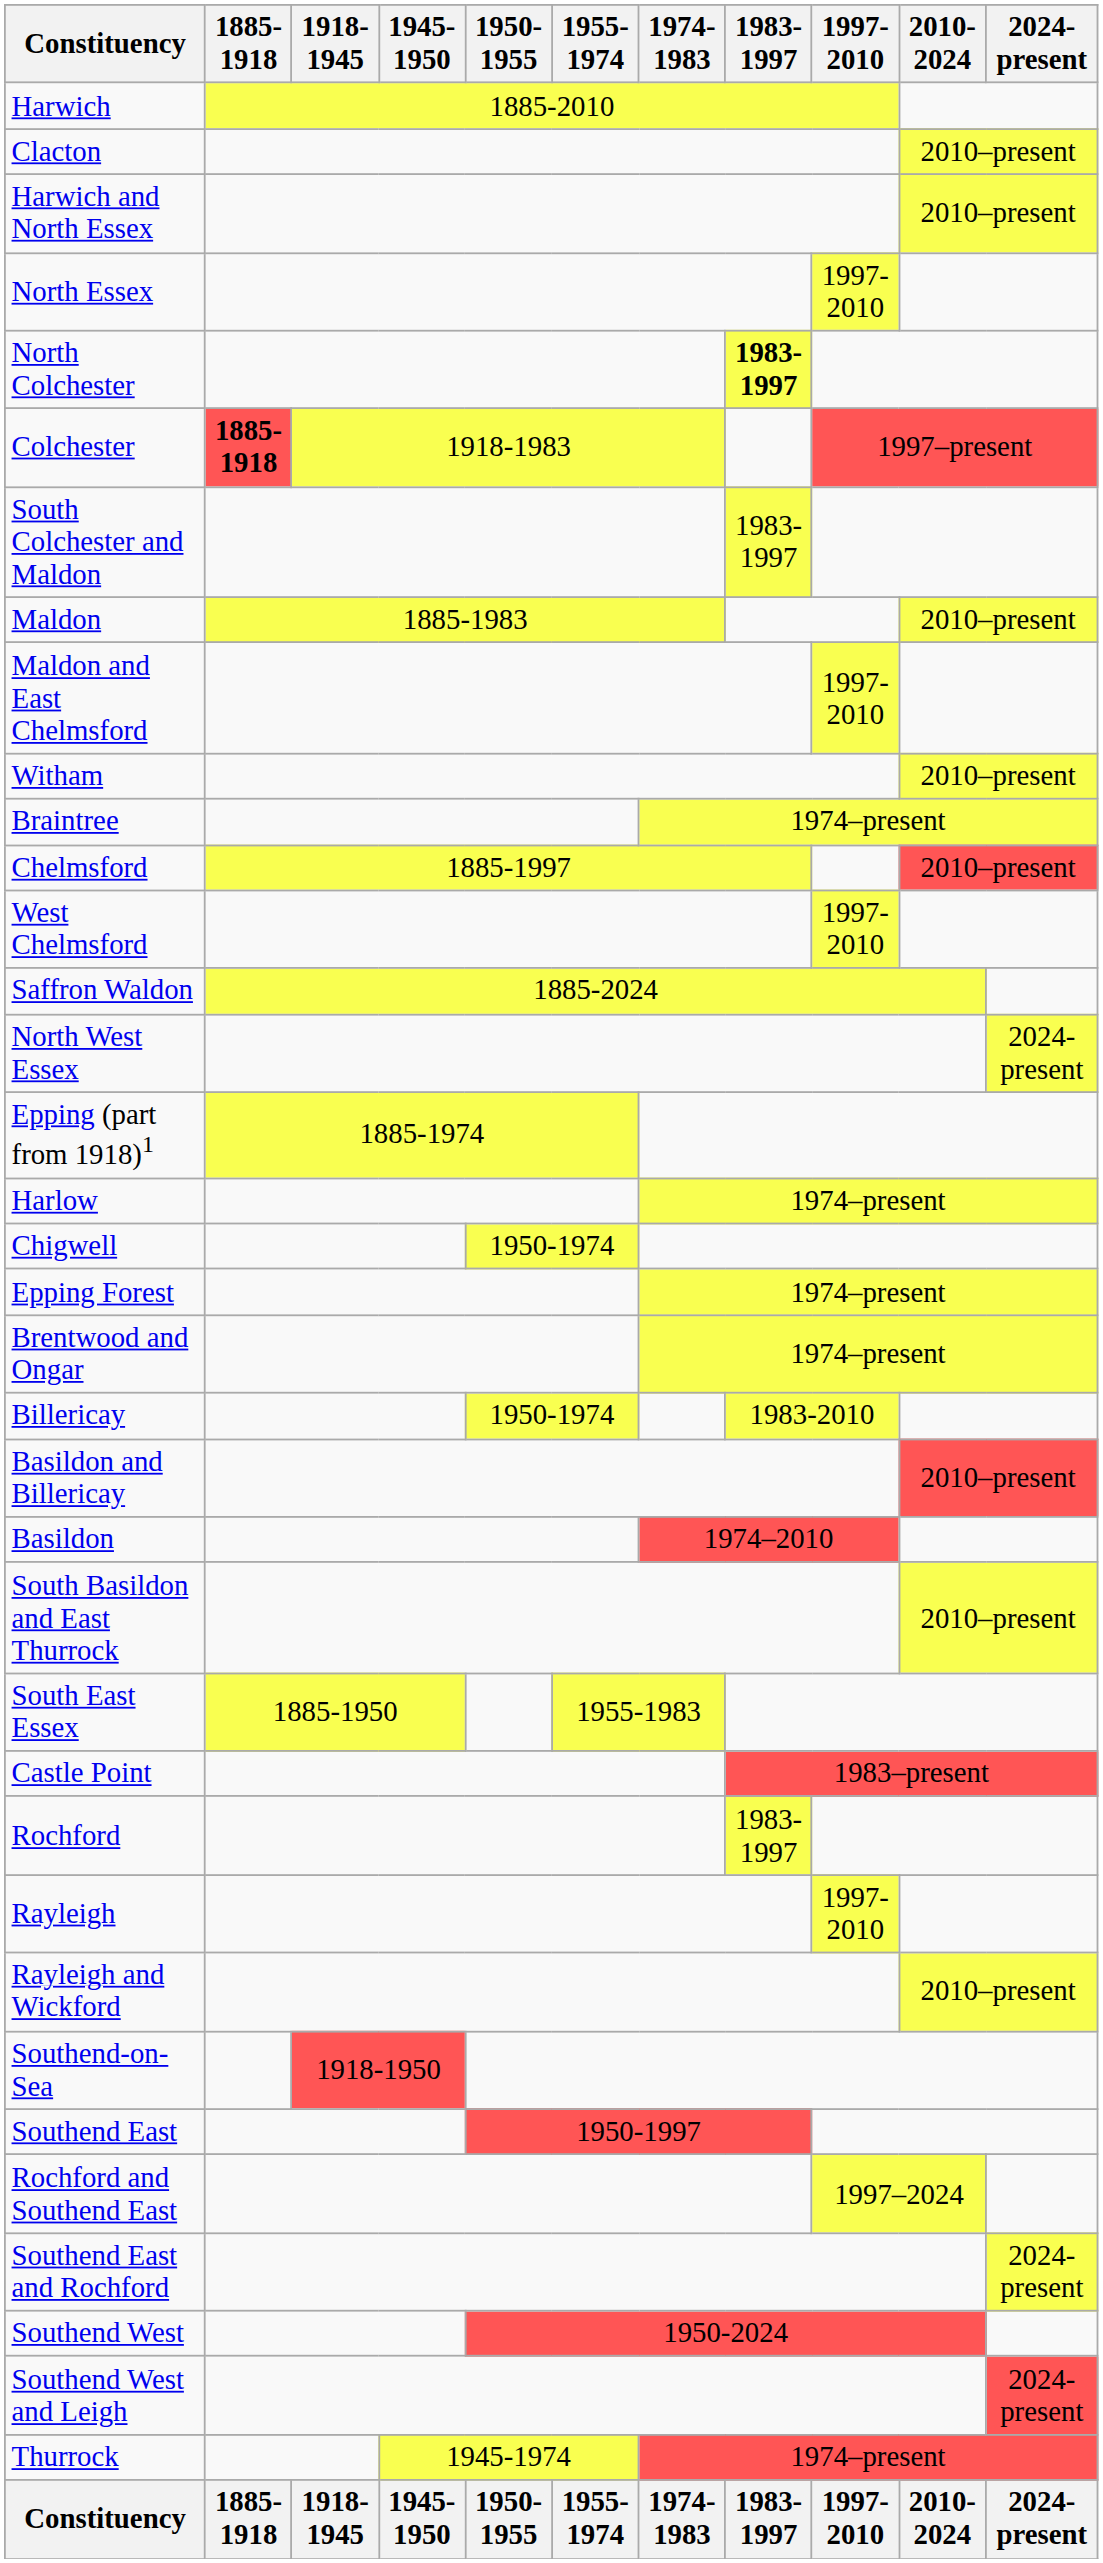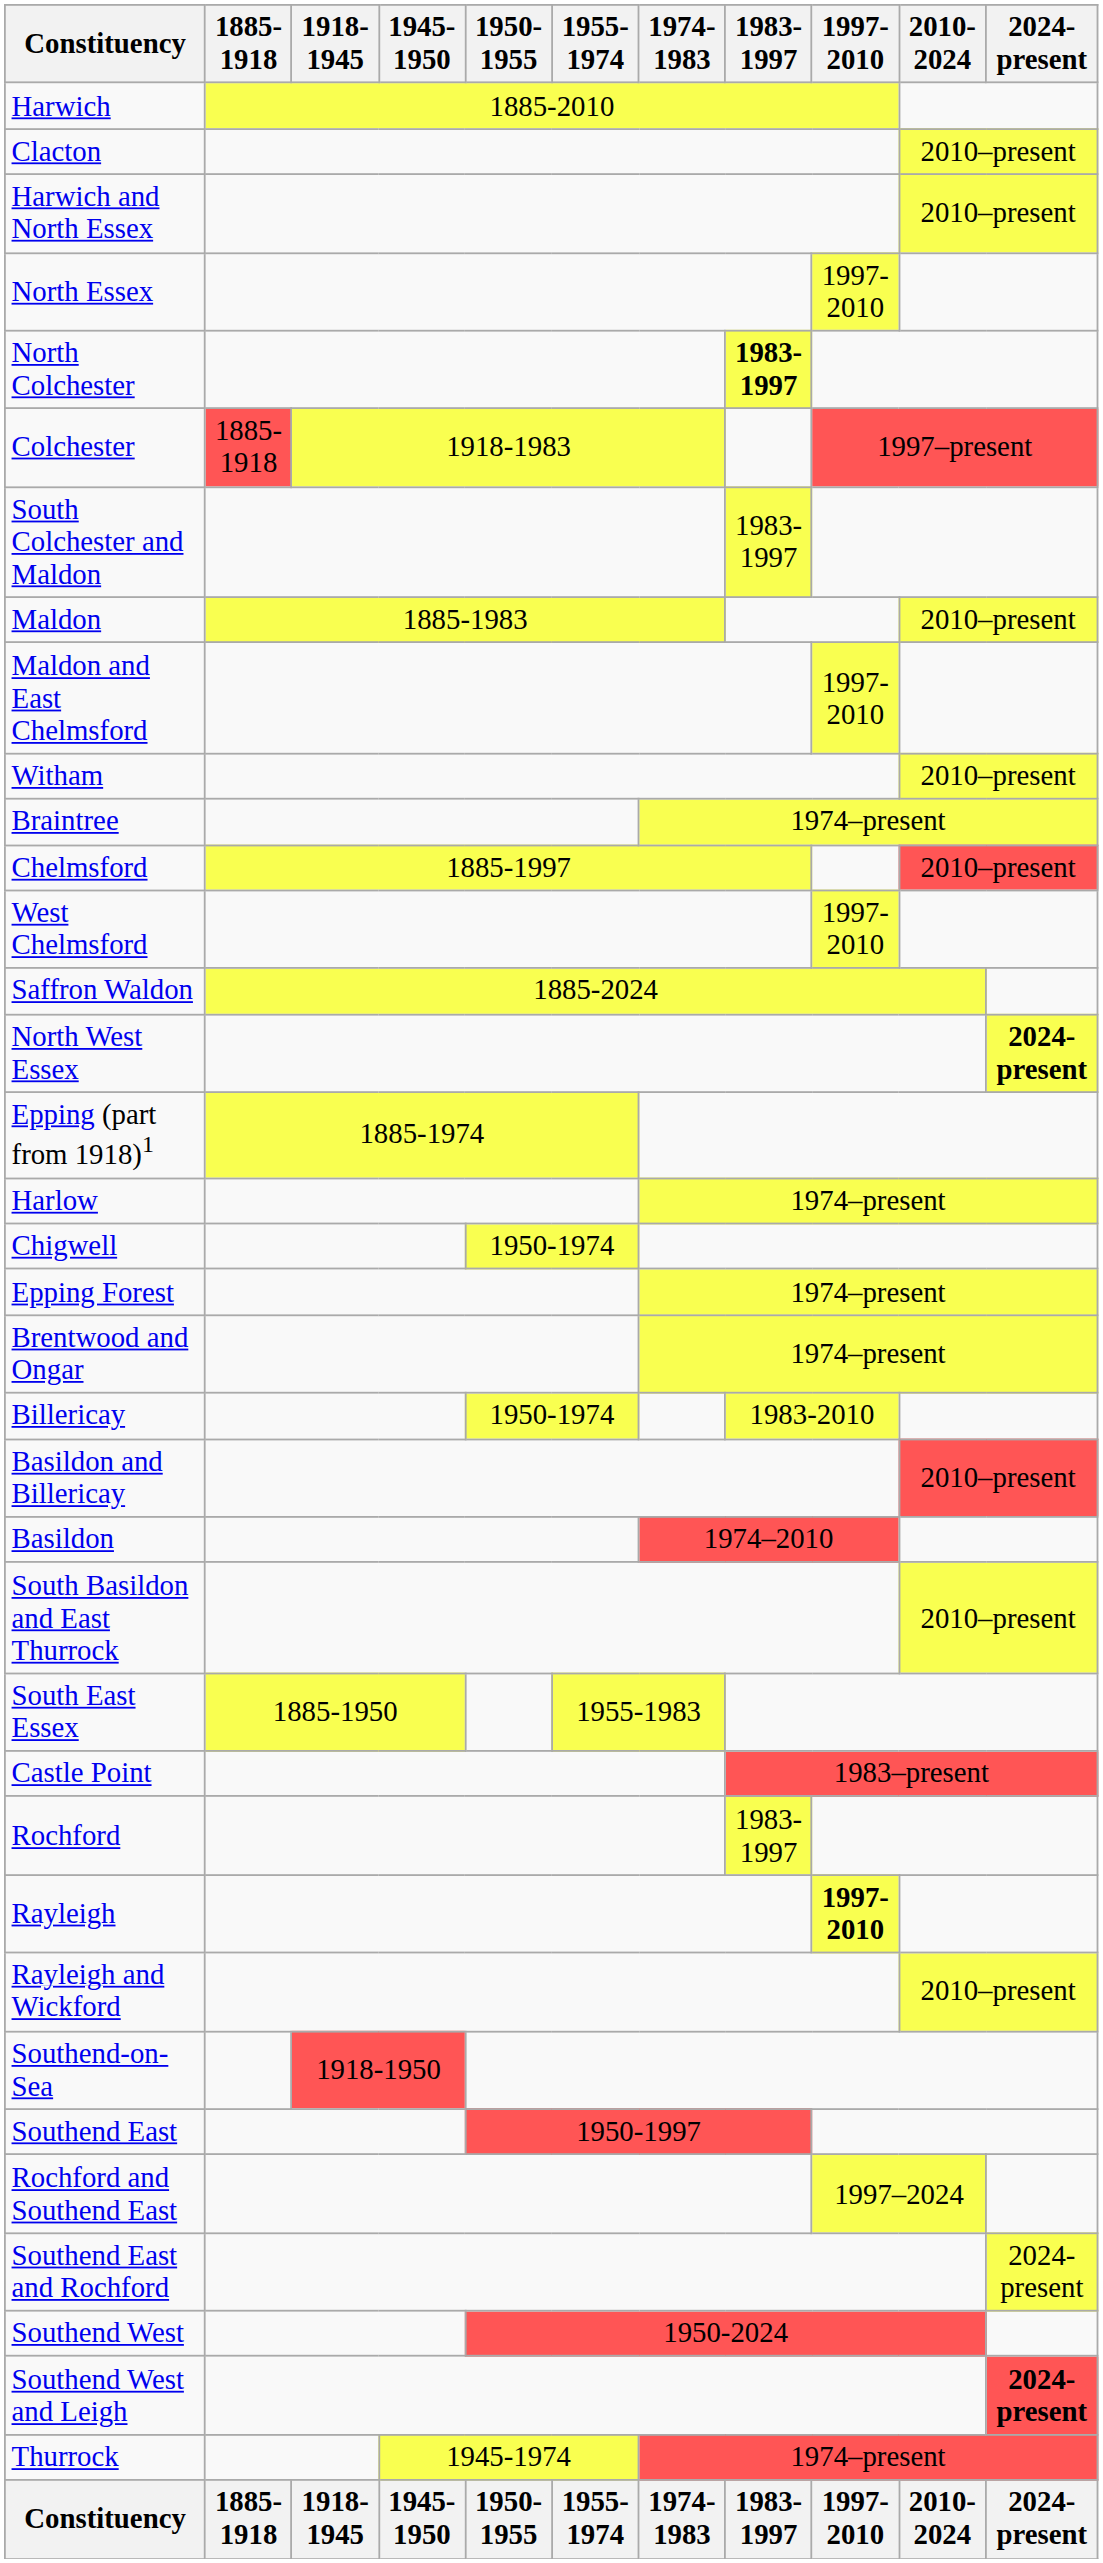 <table class="wikitable">
 <tr>
 <th>Constituency</th>
 <th>1885-1918</th>
 <th>1918-1945</th>
 <th>1945-1950</th>
 <th>1950-1955</th>
 <th>1955-1974</th>
 <th>1974-1983</th>
 <th>1983-1997</th>
 <th>1997-2010</th>
 <th>2010-2024</th>
 <th>2024-present</th>
 </tr>
 <tr>
 <td><a href='#'>Harwich</a></td>
 <td colspan="8" align="center" bgcolor="#f9ff50">1885-2010</td>
 <td colspan="2"></td>
 </tr>
 <tr>
 <td><a href='#'>Clacton</a></td>
 <td colspan="8"></td>
 <td colspan="2" align="center" bgcolor="#f9ff50">2010–present</td>
 </tr>
 <tr>
 <td><a href='#'>Harwich and North Essex</a></td>
 <td colspan="8"></td>
 <td colspan="2" align="center" bgcolor="#f9ff50">2010–present</td>
 </tr>
 <tr>
 <td><a href='#'>North Essex</a></td>
 <td colspan="7"></td>
 <td align="center" bgcolor="#f9ff50">1997-2010</td>
 <td colspan="2"></td>
 </tr>
 <tr>
 <td><a href='#'>North Colchester</a></td>
 <td colspan="6"></td>
 <td align="center" bgcolor="#f9ff50"><strong>1983-1997</strong></td>
 <td colspan="3"></td>
 </tr>
 <tr>
 <td><a href='#'>Colchester</a></td>
-<td align="center" bgcolor="#ff5555"><strong>1885-1918</strong></td>
+<td align="center" bgcolor="#ff5555">1885-1918</td>
 <td colspan="5" align="center" bgcolor="#f9ff50">1918-1983</td>
 <td></td>
 <td colspan="3" align="center" bgcolor="#ff5555">1997–present</td>
 </tr>
 <tr>
 <td><a href='#'>South Colchester and Maldon</a></td>
 <td colspan="6"></td>
 <td align="center" bgcolor="#f9ff50">1983-1997</td>
 <td colspan="3"></td>
 </tr>
 <tr>
 <td><a href='#'>Maldon</a></td>
 <td colspan="6" align="center" bgcolor="#f9ff50">1885-1983</td>
 <td colspan="2"></td>
 <td colspan="2" align="center" bgcolor="#f9ff50">2010–present</td>
 </tr>
 <tr>
 <td><a href='#'>Maldon and East Chelmsford</a></td>
 <td colspan="7"></td>
 <td align="center" bgcolor="#f9ff50">1997-2010</td>
 <td colspan="2"></td>
 </tr>
 <tr>
 <td><a href='#'>Witham</a></td>
 <td colspan="8"></td>
 <td colspan="2" align="center" bgcolor="#f9ff50">2010–present</td>
 </tr>
 <tr>
 <td><a href='#'>Braintree</a></td>
 <td colspan="5"></td>
 <td colspan="5" align="center" bgcolor="#f9ff50">1974–present</td>
 </tr>
 <tr>
 <td><a href='#'>Chelmsford</a></td>
 <td colspan="7" align="center" bgcolor="#f9ff50">1885-1997</td>
 <td></td>
 <td colspan="2" align="center" bgcolor="#ff5555">2010–present</td>
 </tr>
 <tr>
 <td><a href='#'>West Chelmsford</a></td>
 <td colspan="7"></td>
 <td align="center" bgcolor="#f9ff50">1997-2010</td>
 <td colspan="2"></td>
 </tr>
 <tr>
 <td><a href='#'>Saffron Waldon</a></td>
 <td colspan="9" align="center" bgcolor="#f9ff50">1885-2024</td>
 <td></td>
 </tr>
 <tr>
 <td><a href='#'>North West Essex</a></td>
 <td colspan="9"></td>
-<td align="center" bgcolor="#f9ff50">2024-present</td>
+<td align="center" bgcolor="#f9ff50"><strong>2024-present</strong></td>
 </tr>
 <tr>
 <td><a href='#'>Epping</a> (part from 1918)<sup>1</sup></td>
 <td colspan="5" align="center" bgcolor="#f9ff50">1885-1974</td>
 <td colspan="5"></td>
 </tr>
 <tr>
 <td><a href='#'>Harlow</a></td>
 <td colspan="5"></td>
 <td colspan="5" align="center" bgcolor="#f9ff50">1974–present</td>
 </tr>
 <tr>
 <td><a href='#'>Chigwell</a></td>
 <td colspan="3"></td>
 <td colspan="2" align="center" bgcolor="#f9ff50">1950-1974</td>
 <td colspan="5"></td>
 </tr>
 <tr>
 <td><a href='#'>Epping Forest</a></td>
 <td colspan="5"></td>
 <td colspan="5" align="center" bgcolor="#f9ff50">1974–present</td>
 </tr>
 <tr>
 <td><a href='#'>Brentwood and Ongar</a></td>
 <td colspan="5"></td>
 <td colspan="5" align="center" bgcolor="#f9ff50">1974–present</td>
 </tr>
 <tr>
 <td><a href='#'>Billericay</a></td>
 <td colspan="3"></td>
 <td colspan="2" align="center" bgcolor="#f9ff50">1950-1974</td>
 <td></td>
 <td colspan="2" align="center" bgcolor="#f9ff50">1983-2010</td>
 <td colspan="2"></td>
 </tr>
 <tr>
 <td><a href='#'>Basildon and Billericay</a></td>
 <td colspan="8"></td>
 <td colspan="2" align="center" bgcolor="#ff5555">2010–present</td>
 </tr>
 <tr>
 <td><a href='#'>Basildon</a></td>
 <td colspan="5"></td>
 <td colspan="3" align="center" bgcolor="#ff5555">1974–2010</td>
 <td colspan="2"></td>
 </tr>
 <tr>
 <td><a href='#'>South Basildon and East Thurrock</a></td>
 <td colspan="8"></td>
 <td colspan="2" align="center" bgcolor="#f9ff50">2010–present</td>
 </tr>
 <tr>
 <td><a href='#'>South East Essex</a></td>
 <td colspan="3" align="center" bgcolor="#f9ff50">1885-1950</td>
 <td></td>
 <td colspan="2" align="center" bgcolor="#f9ff50">1955-1983</td>
 <td colspan="4"></td>
 </tr>
 <tr>
 <td><a href='#'>Castle Point</a></td>
 <td colspan="6"></td>
 <td colspan="4" align="center" bgcolor="#ff5555">1983–present</td>
 </tr>
 <tr>
 <td><a href='#'>Rochford</a></td>
 <td colspan="6"></td>
 <td align="center" bgcolor="#f9ff50">1983-1997</td>
 <td colspan="3"></td>
 </tr>
 <tr>
 <td><a href='#'>Rayleigh</a></td>
 <td colspan="7"></td>
-<td align="center" bgcolor="#f9ff50">1997-2010</td>
+<td align="center" bgcolor="#f9ff50"><strong>1997-2010</strong></td>
 <td colspan="2"></td>
 </tr>
 <tr>
 <td><a href='#'>Rayleigh and Wickford</a></td>
 <td colspan="8"></td>
 <td colspan="2" align="center" bgcolor="#f9ff50">2010–present</td>
 </tr>
 <tr>
 <td><a href='#'>Southend-on-Sea</a></td>
 <td></td>
 <td colspan="2" align="center" bgcolor="#ff5555">1918-1950</td>
 <td colspan="7"></td>
 </tr>
 <tr>
 <td><a href='#'>Southend East</a></td>
 <td colspan="3"></td>
 <td colspan="4" align="center" bgcolor="#ff5555">1950-1997</td>
 <td colspan="3"></td>
 </tr>
 <tr>
 <td><a href='#'>Rochford and Southend East</a></td>
 <td colspan="7"></td>
 <td colspan="2" align="center" bgcolor="#f9ff50">1997–2024</td>
 <td></td>
 </tr>
 <tr>
 <td><a href='#'>Southend East and Rochford</a></td>
 <td colspan="9"></td>
 <td align="center" bgcolor="#f9ff50">2024-present</td>
 </tr>
 <tr>
 <td><a href='#'>Southend West</a></td>
 <td colspan="3"></td>
 <td colspan="6" align="center" bgcolor="#ff5555">1950-2024</td>
 <td></td>
 </tr>
 <tr>
 <td><a href='#'>Southend West and Leigh</a></td>
 <td colspan="9"></td>
-<td align="center" bgcolor="#ff5555">2024-present</td>
+<td align="center" bgcolor="#ff5555"><strong>2024-present</strong></td>
 </tr>
 <tr>
 <td><a href='#'>Thurrock</a></td>
 <td colspan="2"></td>
 <td colspan="3" align="center" bgcolor="#f9ff50">1945-1974</td>
 <td colspan="5" align="center" bgcolor="#ff5555">1974–present</td>
 </tr>
 <tr>
 <th>Constituency</th>
 <th>1885-1918</th>
 <th>1918-1945</th>
 <th>1945-1950</th>
 <th>1950-1955</th>
 <th>1955-1974</th>
 <th>1974-1983</th>
 <th>1983-1997</th>
 <th>1997-2010</th>
 <th>2010- 2024</th>
 <th>2024-present</th>
 </tr>
 </table>
